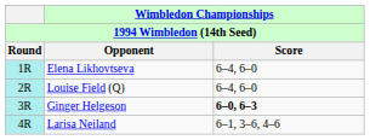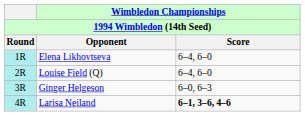 <table class="wikitable collapsible collapsed">
 <tr>
 <th></th>
 <th colspan=2 style="background:#cfc;"><a href='#'>Wimbledon Championships</a></th>
 </tr>
 <tr>
 <th colspan=3 style="background:#cfc;"><a href='#'>1994 Wimbledon</a> (14th Seed)</th>
 </tr>
 <tr>
 <th>Round</th>
 <th width=225>Opponent</th>
 <th width=200>Score</th>
 </tr>
 <tr>
 <td style="text-align:center; background:#afeeee;">1R</td>
 <td> <a href='#'>Elena Likhovtseva</a></td>
 <td>6–4, 6–0</td>
 </tr>
 <tr>
 <td style="text-align:center; background:#afeeee;">2R</td>
 <td> <a href='#'>Louise Field</a> (Q)</td>
 <td>6–4, 6–0</td>
 </tr>
 <tr>
 <td style="text-align:center; background:#afeeee;">3R</td>
 <td> <a href='#'>Ginger Helgeson</a></td>
-<td><strong>6–0, 6–3</strong></td>
+<td>6–0, 6–3</td>
 </tr>
 <tr>
 <td style="text-align:center; background:#afeeee;">4R</td>
 <td> <a href='#'>Larisa Neiland</a></td>
-<td>6–1, 3–6, 4–6</td>
+<td><strong>6–1, 3–6, 4–6</strong></td>
 </tr>
 </table>
